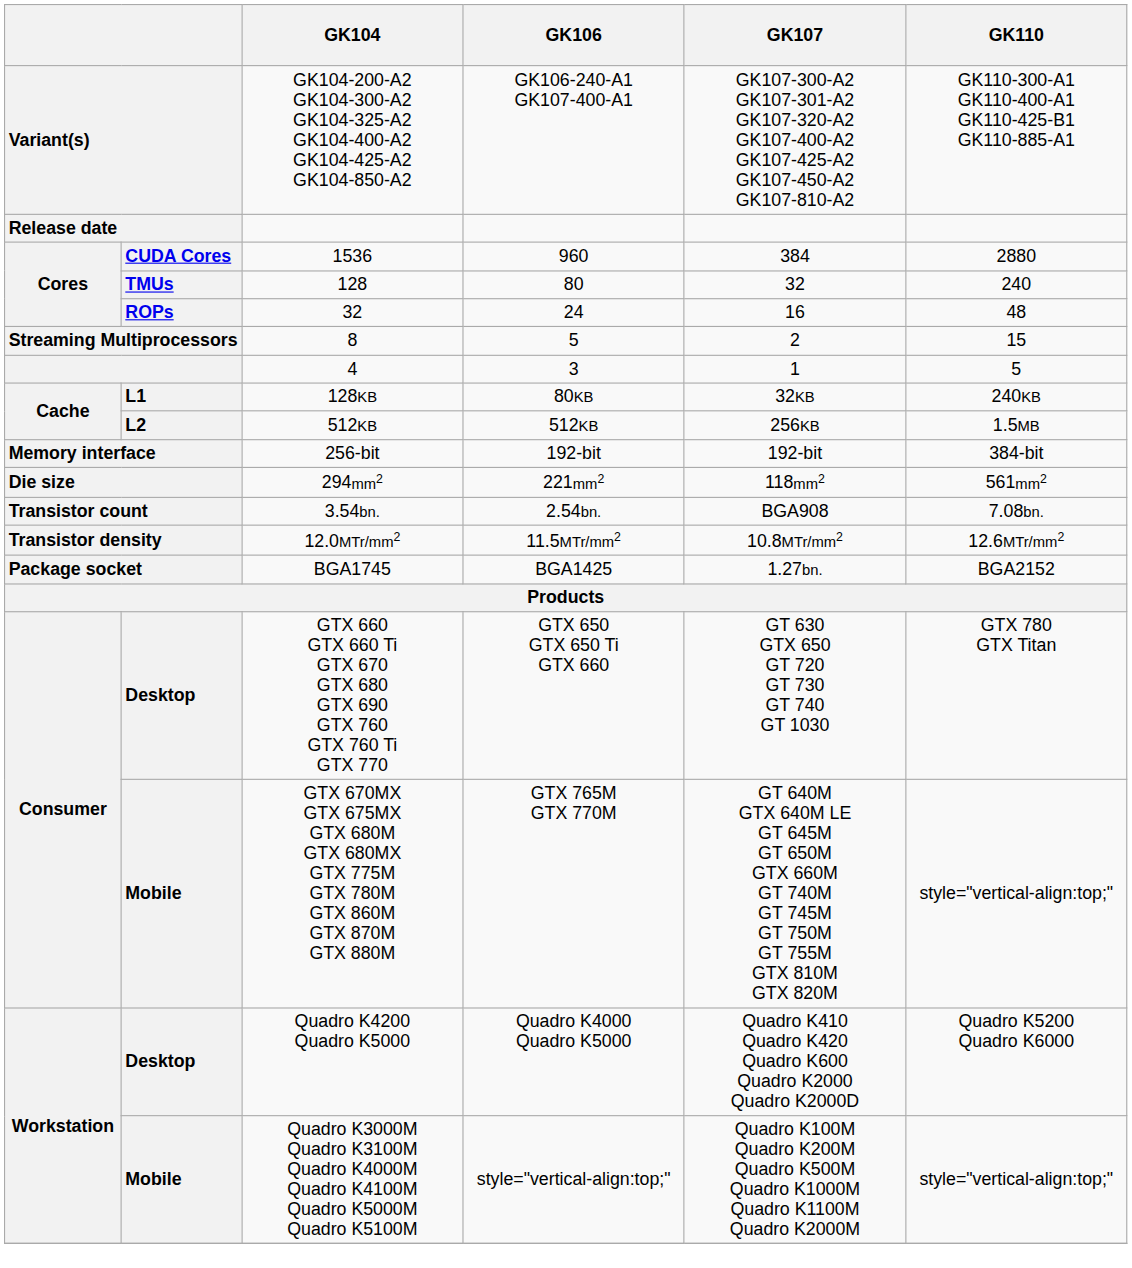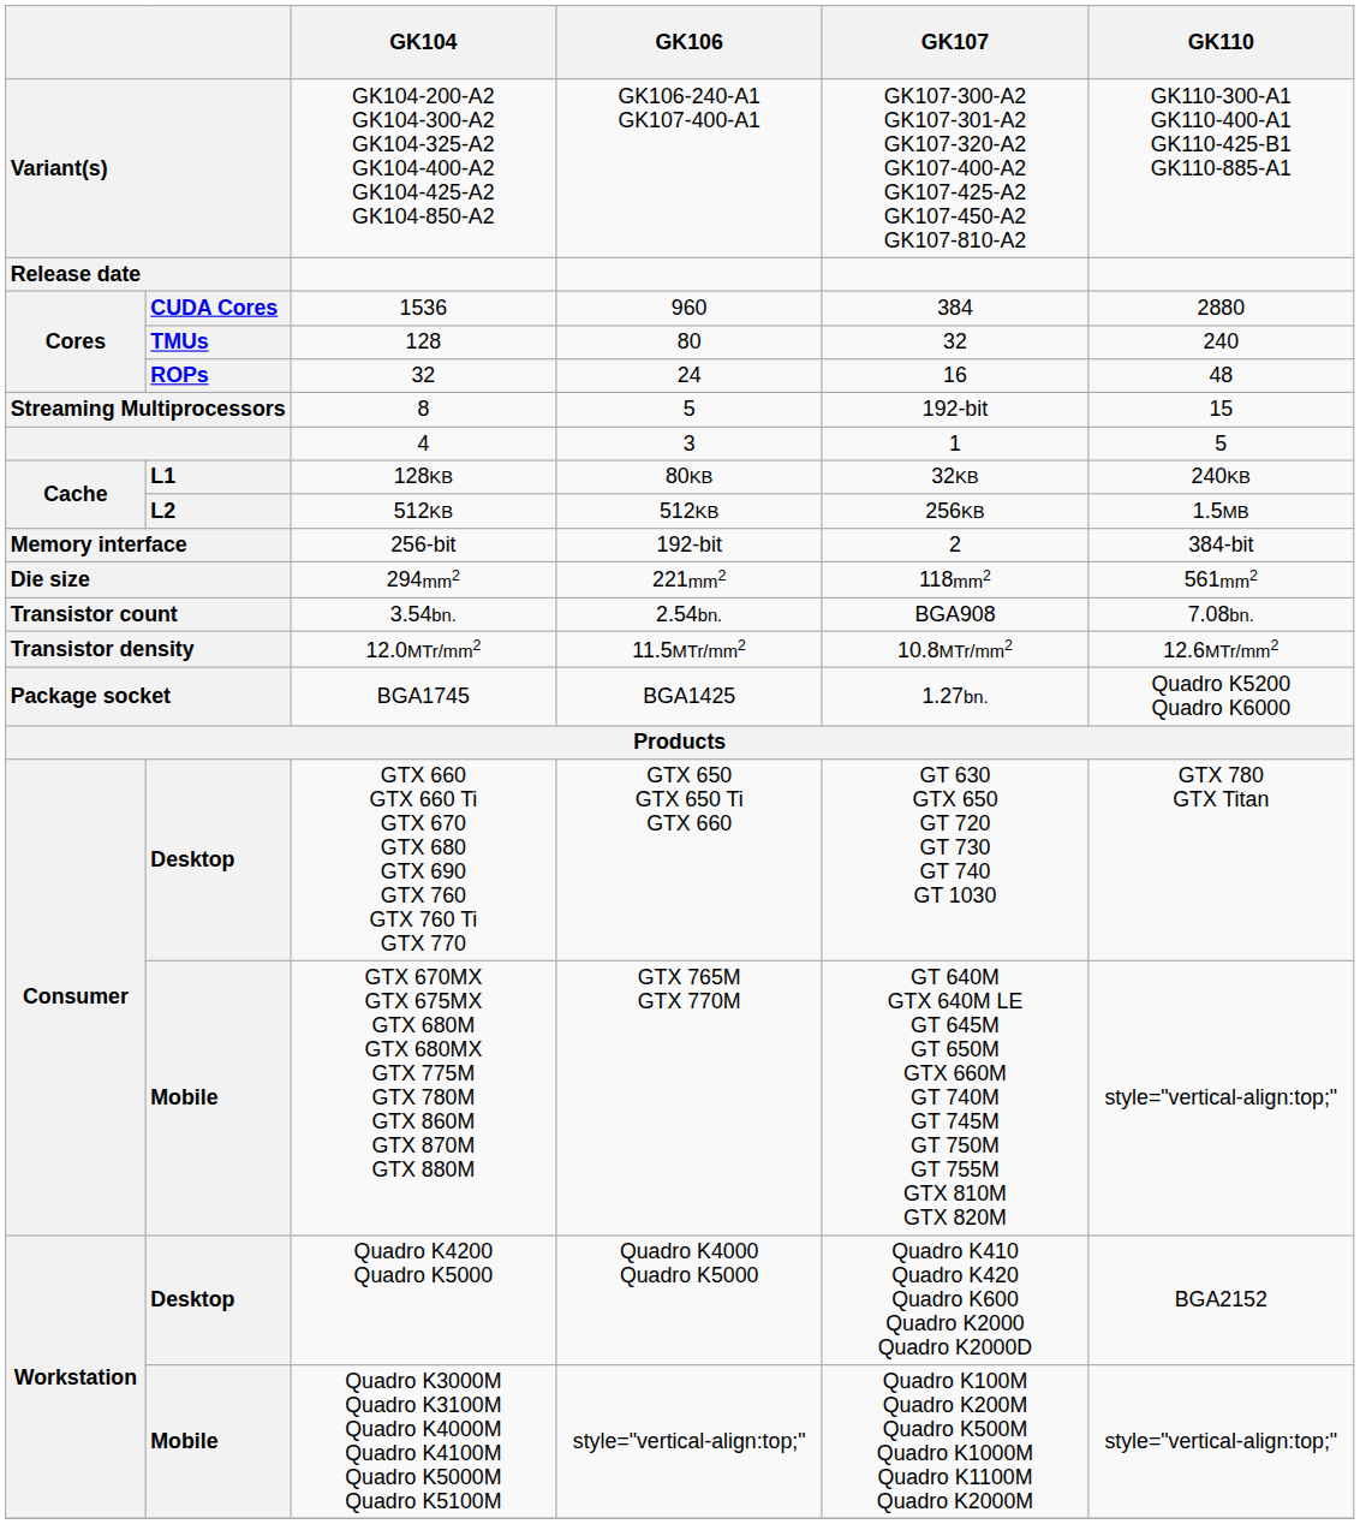 <table class="wikitable" style="text-align:center; height:3em; white-space:nowrap;">
 <tr>
 <th colspan="2"></th>
 <th style="width:12em; height:3em;">GK104</th>
 <th style="width:12em; height:3em;">GK106</th>
 <th style="width:12em; height:3em;">GK107</th>
 <th style="width:12em; height:3em;">GK110</th>
 </tr>
 <tr>
 <th colspan="2" style="text-align: left;">Variant(s)</th>
 <td style="vertical-align:top;">GK104-200-A2 <br> GK104-300-A2 <br> GK104-325-A2 <br> GK104-400-A2 <br> GK104-425-A2 <br> GK104-850-A2</td>
 <td style="vertical-align:top;">GK106-240-A1 <br> GK107-400-A1</td>
 <td style="vertical-align:top;">GK107-300-A2 <br> GK107-301-A2 <br> GK107-320-A2 <br> GK107-400-A2 <br> GK107-425-A2 <br> GK107-450-A2 <br> GK107-810-A2</td>
 <td style="vertical-align:top;">GK110-300-A1 <br> GK110-400-A1<br> GK110-425-B1 <br> GK110-885-A1</td>
 </tr>
 <tr>
 <th colspan="2" style="text-align: left;">Release date</th>
 <td></td>
 <td></td>
 <td></td>
 <td></td>
 </tr>
 <tr>
 <th rowspan="3">Cores</th>
 <th style="text-align: left;"><a href='#'>CUDA Cores</a></th>
 <td>1536</td>
 <td>960</td>
 <td>384</td>
 <td>2880</td>
 </tr>
 <tr>
 <th style="text-align: left;"><a href='#'>TMUs</a></th>
 <td>128</td>
 <td>80</td>
 <td>32</td>
 <td>240</td>
 </tr>
 <tr>
 <th style="text-align: left;"><a href='#'>ROPs</a></th>
 <td>32</td>
 <td>24</td>
 <td>16</td>
 <td>48</td>
 </tr>
 <tr>
 <th colspan="2" style="text-align: left;">Streaming Multiprocessors</th>
 <td>8</td>
 <td>5</td>
-<td>2</td>
+<td>192-bit</td>
 <td>15</td>
 </tr>
 <tr>
 <th colspan="2" style="text-align: left;"></th>
 <td>4</td>
 <td>3</td>
 <td>1</td>
 <td>5</td>
 </tr>
 <tr>
 <th rowspan="2">Cache</th>
 <th style="text-align: left;">L1</th>
 <td>128<small>KB</small></td>
 <td>80<small>KB</small></td>
 <td>32<small>KB</small></td>
 <td>240<small>KB</small></td>
 </tr>
 <tr>
 <th style="text-align: left;">L2</th>
 <td>512<small>KB</small></td>
 <td>512<small>KB</small></td>
 <td>256<small>KB</small></td>
 <td>1.5<small>MB</small></td>
 </tr>
 <tr>
 <th colspan="2" style="text-align: left;">Memory interface</th>
 <td>256-bit</td>
 <td>192-bit</td>
-<td>192-bit</td>
+<td>2</td>
 <td>384-bit</td>
 </tr>
 <tr>
 <th colspan="2" style="text-align: left;">Die size</th>
 <td>294<small>mm<sup>2</sup></small></td>
 <td>221<small>mm<sup>2</sup></small></td>
 <td>118<small>mm<sup>2</sup></small></td>
 <td>561<small>mm<sup>2</sup></small></td>
 </tr>
 <tr>
 <th colspan="2" style="text-align: left;">Transistor count</th>
 <td>3.54<small>bn.</small></td>
 <td>2.54<small>bn.</small></td>
 <td>BGA908</td>
 <td>7.08<small>bn.</small></td>
 </tr>
 <tr>
 <th colspan="2" style="text-align: left;">Transistor density</th>
 <td>12.0<small>MTr/mm<sup>2</sup></small></td>
 <td>11.5<small>MTr/mm<sup>2</sup></small></td>
 <td>10.8<small>MTr/mm<sup>2</sup></small></td>
 <td>12.6<small>MTr/mm<sup>2</sup></small></td>
 </tr>
 <tr>
 <th colspan="2" style="text-align: left;">Package socket</th>
 <td>BGA1745</td>
 <td>BGA1425</td>
 <td>1.27<small>bn.</small></td>
-<td>BGA2152</td>
+<td style="vertical-align:top;">Quadro K5200 <br> Quadro K6000</td>
 </tr>
 <tr>
 <th colspan="7">Products</th>
 </tr>
 <tr>
 <th rowspan="2">Consumer</th>
 <th style="text-align: left;">Desktop</th>
 <td style="vertical-align:top;">GTX 660 <br> GTX 660 Ti <br> GTX 670 <br> GTX 680 <br> GTX 690 <br> GTX 760 <br> GTX 760 Ti <br> GTX 770</td>
 <td style="vertical-align:top;">GTX 650 <br> GTX 650 Ti <br> GTX 660</td>
 <td style="vertical-align:top;">GT 630 <br> GTX 650 <br> GT 720 <br> GT 730 <br> GT 740 <br> GT 1030</td>
 <td style="vertical-align:top;">GTX 780 <br> GTX Titan</td>
 </tr>
 <tr>
 <th style="text-align: left;">Mobile</th>
 <td style="vertical-align:top;">GTX 670MX <br> GTX 675MX <br> GTX 680M <br> GTX 680MX <br> GTX 775M <br> GTX 780M <br> GTX 860M <br> GTX 870M <br> GTX 880M</td>
 <td style="vertical-align:top;">GTX 765M <br> GTX 770M</td>
 <td style="vertical-align:top;">GT 640M <br> GTX 640M LE <br> GT 645M <br> GT 650M <br> GTX 660M <br> GT 740M <br> GT 745M <br> GT 750M <br> GT 755M  <br> GTX 810M <br> GTX 820M</td>
 <td>style="vertical-align:top;" </td>
 </tr>
 <tr>
 <th rowspan="2">Workstation</th>
 <th style="text-align: left;">Desktop</th>
 <td style="vertical-align:top;">Quadro K4200 <br> Quadro K5000</td>
 <td style="vertical-align:top;">Quadro K4000 <br> Quadro K5000</td>
 <td style="vertical-align:top;">Quadro K410 <br> Quadro K420 <br> Quadro K600 <br> Quadro K2000 <br> Quadro K2000D</td>
-<td style="vertical-align:top;">Quadro K5200 <br> Quadro K6000</td>
+<td>BGA2152</td>
 </tr>
 <tr>
 <th style="text-align: left;">Mobile</th>
 <td style="vertical-align:top;">Quadro K3000M <br> Quadro K3100M <br> Quadro K4000M <br> Quadro K4100M <br> Quadro K5000M <br> Quadro K5100M</td>
 <td>style="vertical-align:top;" </td>
 <td style="vertical-align:top;">Quadro K100M <br> Quadro K200M <br> Quadro K500M <br> Quadro K1000M <br> Quadro K1100M <br> Quadro K2000M</td>
 <td>style="vertical-align:top;" </td>
 </tr>
 <tr>
 </tr>
 </table>
